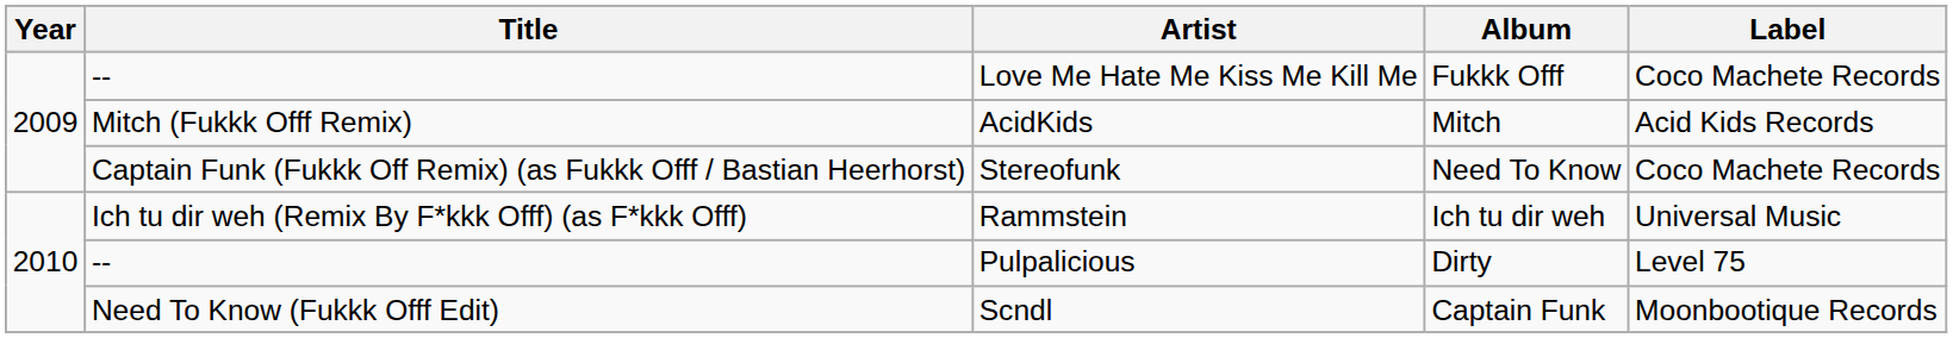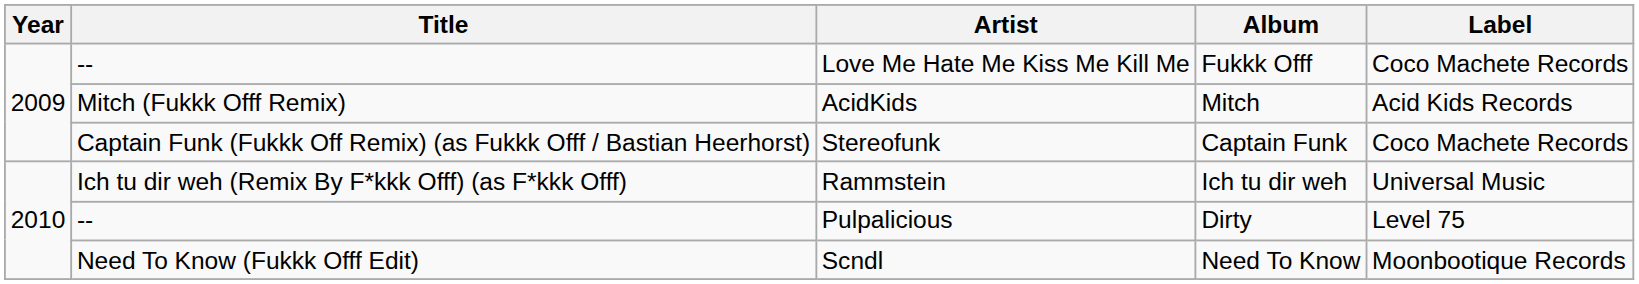 <table class="wikitable" style="text-align:left;font-size: 10pt">
 <tr>
 <th>Year</th>
 <th>Title</th>
 <th>Artist</th>
 <th>Album</th>
 <th>Label</th>
 </tr>
 <tr>
 <td rowspan="3">2009</td>
 <td>--</td>
 <td>Love Me Hate Me Kiss Me Kill Me</td>
 <td>Fukkk Offf</td>
 <td>Coco Machete Records</td>
 </tr>
 <tr>
 <td>Mitch (Fukkk Offf Remix)</td>
 <td>AcidKids</td>
 <td>Mitch</td>
 <td>Acid Kids Records</td>
 </tr>
 <tr>
 <td>Captain Funk (Fukkk Off Remix) (as Fukkk Offf / Bastian Heerhorst)</td>
 <td>Stereofunk</td>
-<td>Need To Know</td>
+<td>Captain Funk</td>
 <td>Coco Machete Records</td>
 </tr>
 <tr>
 <td rowspan="3">2010</td>
 <td>Ich tu dir weh (Remix By F*kkk Offf) (as F*kkk Offf)</td>
 <td>Rammstein</td>
 <td>Ich tu dir weh</td>
 <td>Universal Music</td>
 </tr>
 <tr>
 <td>--</td>
 <td>Pulpalicious</td>
 <td>Dirty</td>
 <td>Level 75</td>
 </tr>
 <tr>
 <td>Need To Know (Fukkk Offf Edit)</td>
 <td>Scndl</td>
-<td>Captain Funk</td>
+<td>Need To Know</td>
 <td>Moonbootique Records</td>
 </tr>
 </table>
